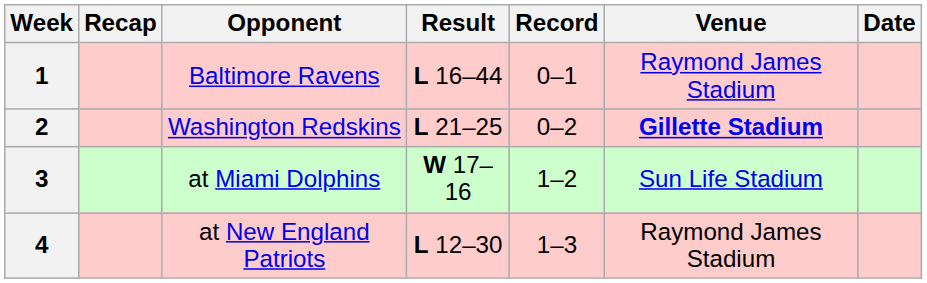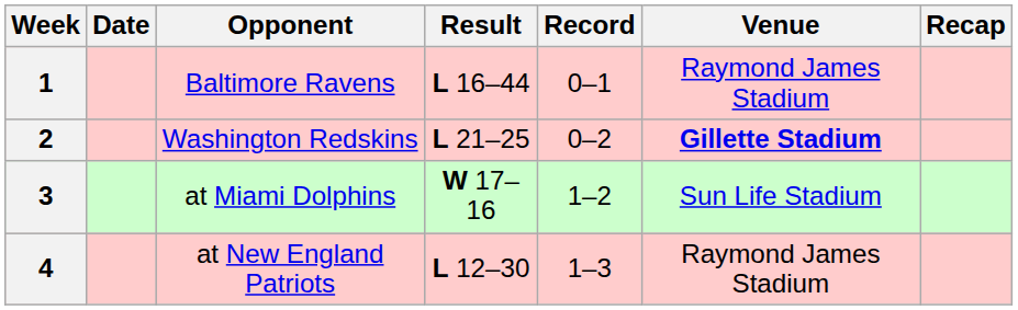 <table class="wikitable" style="text-align:center">
 <tr>
 <th>Week</th>
-<th>Recap</th>
+<th>Date</th>
 <th>Opponent</th>
 <th>Result</th>
 <th>Record</th>
 <th>Venue</th>
-<th>Date</th>
+<th>Recap</th>
 </tr>
 <tr style="background:#fcc">
 <th>1</th>
 <td></td>
 <td><a href='#'>Baltimore Ravens</a></td>
 <td><strong>L</strong> 16–44</td>
 <td>0–1</td>
 <td><a href='#'>Raymond James Stadium</a></td>
 <td></td>
 </tr>
 <tr style="background:#fcc">
 <th>2</th>
 <td></td>
 <td><a href='#'>Washington Redskins</a></td>
 <td><strong>L</strong> 21–25</td>
 <td>0–2</td>
 <td><strong><a href='#'>Gillette Stadium</a></strong></td>
 <td></td>
 </tr>
 <tr style="background:#cfc">
 <th>3</th>
 <td></td>
 <td>at <a href='#'>Miami Dolphins</a></td>
 <td><strong>W</strong> 17–16</td>
 <td>1–2</td>
 <td><a href='#'>Sun Life Stadium</a></td>
 <td></td>
 </tr>
 <tr style="background:#fcc">
 <th>4</th>
 <td></td>
 <td>at <a href='#'>New England Patriots</a></td>
 <td><strong>L</strong> 12–30</td>
 <td>1–3</td>
 <td>Raymond James Stadium</td>
 <td></td>
 </tr>
 </table>
